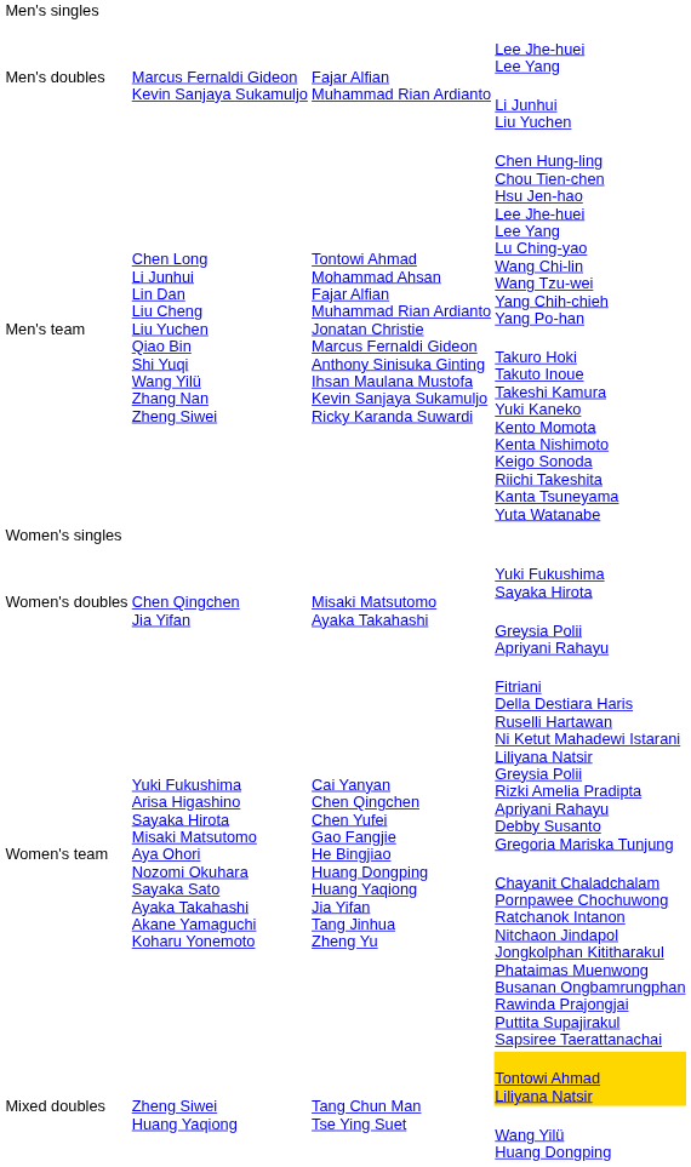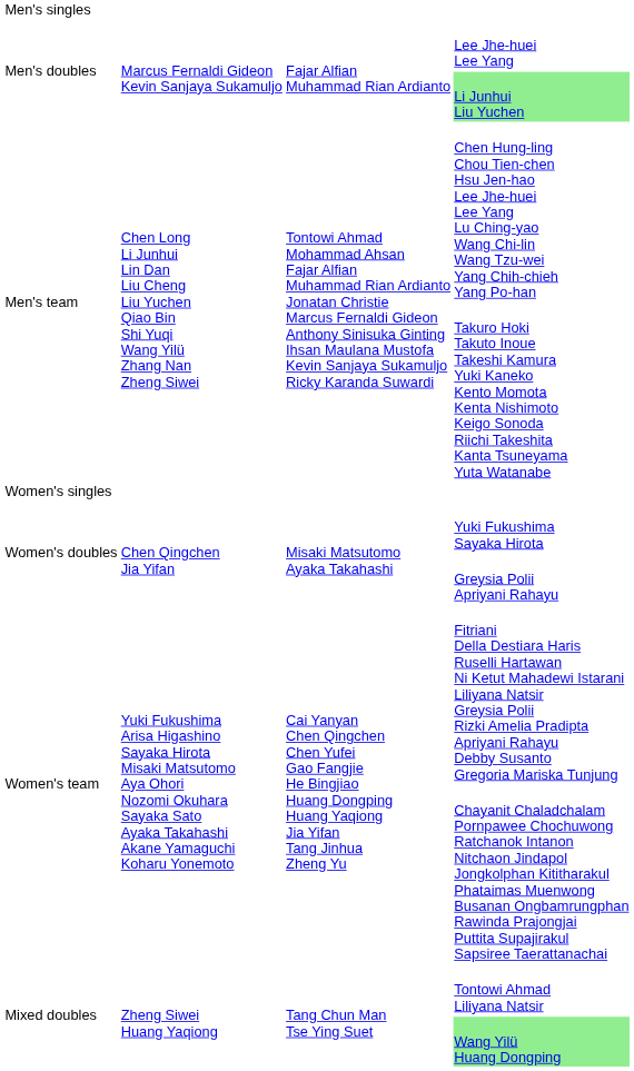 <table>
 <tr>
 <td rowspan=2>Men's singles<br></td>
 <td rowspan=2></td>
 <td rowspan=2></td>
 <td></td>
 </tr>
 <tr>
 <td></td>
 </tr>
 <tr>
 <td rowspan=2>Men's doubles<br></td>
 <td rowspan=2><br><a href='#'>Marcus Fernaldi Gideon</a><br><a href='#'>Kevin Sanjaya Sukamuljo</a></td>
 <td rowspan=2><br><a href='#'>Fajar Alfian</a><br><a href='#'>Muhammad Rian Ardianto</a></td>
 <td><br><a href='#'>Lee Jhe-huei</a><br><a href='#'>Lee Yang</a></td>
 </tr>
 <tr>
-<td><br><a href='#'>Li Junhui</a><br><a href='#'>Liu Yuchen</a></td>
+<td style="background: lightgreen;"><br><a href='#'>Li Junhui</a><br><a href='#'>Liu Yuchen</a></td>
 </tr>
 <tr>
 <td rowspan=2>Men's team<br></td>
 <td rowspan=2><br><a href='#'>Chen Long</a><br><a href='#'>Li Junhui</a><br><a href='#'>Lin Dan</a><br><a href='#'>Liu Cheng</a><br><a href='#'>Liu Yuchen</a><br><a href='#'>Qiao Bin</a><br><a href='#'>Shi Yuqi</a><br><a href='#'>Wang Yilü</a><br><a href='#'>Zhang Nan</a><br><a href='#'>Zheng Siwei</a></td>
 <td rowspan=2><br><a href='#'>Tontowi Ahmad</a><br><a href='#'>Mohammad Ahsan</a><br><a href='#'>Fajar Alfian</a><br><a href='#'>Muhammad Rian Ardianto</a><br><a href='#'>Jonatan Christie</a><br><a href='#'>Marcus Fernaldi Gideon</a><br><a href='#'>Anthony Sinisuka Ginting</a><br><a href='#'>Ihsan Maulana Mustofa</a><br><a href='#'>Kevin Sanjaya Sukamuljo</a><br><a href='#'>Ricky Karanda Suwardi</a></td>
 <td><br><a href='#'>Chen Hung-ling</a><br><a href='#'>Chou Tien-chen</a><br><a href='#'>Hsu Jen-hao</a><br><a href='#'>Lee Jhe-huei</a><br><a href='#'>Lee Yang</a><br><a href='#'>Lu Ching-yao</a><br><a href='#'>Wang Chi-lin</a><br><a href='#'>Wang Tzu-wei</a><br><a href='#'>Yang Chih-chieh</a><br><a href='#'>Yang Po-han</a></td>
 </tr>
 <tr>
 <td><br><a href='#'>Takuro Hoki</a><br><a href='#'>Takuto Inoue</a><br><a href='#'>Takeshi Kamura</a><br><a href='#'>Yuki Kaneko</a><br><a href='#'>Kento Momota</a><br><a href='#'>Kenta Nishimoto</a><br><a href='#'>Keigo Sonoda</a><br><a href='#'>Riichi Takeshita</a><br><a href='#'>Kanta Tsuneyama</a><br><a href='#'>Yuta Watanabe</a></td>
 </tr>
 <tr>
 <td rowspan=2>Women's singles<br></td>
 <td rowspan=2></td>
 <td rowspan=2></td>
 <td></td>
 </tr>
 <tr>
 <td></td>
 </tr>
 <tr>
 <td rowspan=2>Women's doubles<br></td>
 <td rowspan=2><br><a href='#'>Chen Qingchen</a><br><a href='#'>Jia Yifan</a></td>
 <td rowspan=2><br><a href='#'>Misaki Matsutomo</a><br><a href='#'>Ayaka Takahashi</a></td>
 <td><br><a href='#'>Yuki Fukushima</a><br><a href='#'>Sayaka Hirota</a></td>
 </tr>
 <tr>
 <td><br><a href='#'>Greysia Polii</a><br><a href='#'>Apriyani Rahayu</a></td>
 </tr>
 <tr>
 <td rowspan=2>Women's team<br></td>
 <td rowspan=2><br><a href='#'>Yuki Fukushima</a><br><a href='#'>Arisa Higashino</a><br><a href='#'>Sayaka Hirota</a><br><a href='#'>Misaki Matsutomo</a><br><a href='#'>Aya Ohori</a><br><a href='#'>Nozomi Okuhara</a><br><a href='#'>Sayaka Sato</a><br><a href='#'>Ayaka Takahashi</a><br><a href='#'>Akane Yamaguchi</a><br><a href='#'>Koharu Yonemoto</a></td>
 <td rowspan=2><br><a href='#'>Cai Yanyan</a><br><a href='#'>Chen Qingchen</a><br><a href='#'>Chen Yufei</a><br><a href='#'>Gao Fangjie</a><br><a href='#'>He Bingjiao</a><br><a href='#'>Huang Dongping</a><br><a href='#'>Huang Yaqiong</a><br><a href='#'>Jia Yifan</a><br><a href='#'>Tang Jinhua</a><br><a href='#'>Zheng Yu</a></td>
 <td><br><a href='#'>Fitriani</a><br><a href='#'>Della Destiara Haris</a><br><a href='#'>Ruselli Hartawan</a><br><a href='#'>Ni Ketut Mahadewi Istarani</a><br><a href='#'>Liliyana Natsir</a><br><a href='#'>Greysia Polii</a><br><a href='#'>Rizki Amelia Pradipta</a><br><a href='#'>Apriyani Rahayu</a><br><a href='#'>Debby Susanto</a><br><a href='#'>Gregoria Mariska Tunjung</a></td>
 </tr>
 <tr>
 <td><br><a href='#'>Chayanit Chaladchalam</a><br><a href='#'>Pornpawee Chochuwong</a><br><a href='#'>Ratchanok Intanon</a><br><a href='#'>Nitchaon Jindapol</a><br><a href='#'>Jongkolphan Kititharakul</a><br><a href='#'>Phataimas Muenwong</a><br><a href='#'>Busanan Ongbamrungphan</a><br><a href='#'>Rawinda Prajongjai</a><br><a href='#'>Puttita Supajirakul</a><br><a href='#'>Sapsiree Taerattanachai</a></td>
 </tr>
 <tr>
 <td rowspan=2>Mixed doubles<br></td>
 <td rowspan=2><br><a href='#'>Zheng Siwei</a><br><a href='#'>Huang Yaqiong</a></td>
 <td rowspan=2><br><a href='#'>Tang Chun Man</a><br><a href='#'>Tse Ying Suet</a></td>
-<td style="background: gold;"><br><a href='#'>Tontowi Ahmad</a><br><a href='#'>Liliyana Natsir</a></td>
+<td><br><a href='#'>Tontowi Ahmad</a><br><a href='#'>Liliyana Natsir</a></td>
 </tr>
 <tr>
-<td><br><a href='#'>Wang Yilü</a><br><a href='#'>Huang Dongping</a></td>
+<td style="background: lightgreen;"><br><a href='#'>Wang Yilü</a><br><a href='#'>Huang Dongping</a></td>
 </tr>
 </table>
